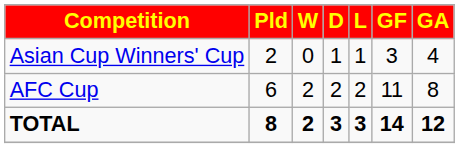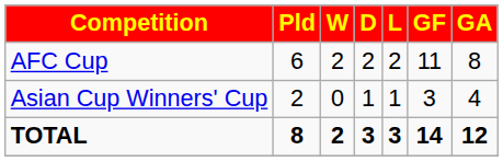 <table class="wikitable">
 <tr>
 <th style="color:#FFFF00; background: #FF0000;">Competition</th>
 <th style="color:#FFFF00; background: #FF0000;">Pld</th>
 <th style="color:#FFFF00; background: #FF0000;">W</th>
 <th style="color:#FFFF00; background: #FF0000;">D</th>
 <th style="color:#FFFF00; background: #FF0000;">L</th>
 <th style="color:#FFFF00; background: #FF0000;">GF</th>
 <th style="color:#FFFF00; background: #FF0000;">GA</th>
 </tr>
 <tr>
+<td><a href='#'>AFC Cup</a></td>
+<td style="text-align:center;">6</td>
+<td style="text-align:center;">2</td>
+<td style="text-align:center;">2</td>
+<td style="text-align:center;">2</td>
+<td style="text-align:center;">11</td>
+<td style="text-align:center;">8</td>
+</tr>
+<tr>
 <td><a href='#'>Asian Cup Winners' Cup</a></td>
 <td style="text-align:center;">2</td>
 <td style="text-align:center;">0</td>
 <td style="text-align:center;">1</td>
 <td style="text-align:center;">1</td>
 <td style="text-align:center;">3</td>
 <td style="text-align:center;">4</td>
-</tr>
-<tr>
-<td><a href='#'>AFC Cup</a></td>
-<td style="text-align:center;">6</td>
-<td style="text-align:center;">2</td>
-<td style="text-align:center;">2</td>
-<td style="text-align:center;">2</td>
-<td style="text-align:center;">11</td>
-<td style="text-align:center;">8</td>
 </tr>
 <tr>
 <td><strong>TOTAL</strong></td>
 <td style="text-align:center;"><strong>8</strong></td>
 <td style="text-align:center;"><strong>2</strong></td>
 <td style="text-align:center;"><strong>3</strong></td>
 <td style="text-align:center;"><strong>3</strong></td>
 <td style="text-align:center;"><strong>14</strong></td>
 <td style="text-align:center;"><strong>12</strong></td>
 </tr>
 <tr>
 </tr>
 </table>
